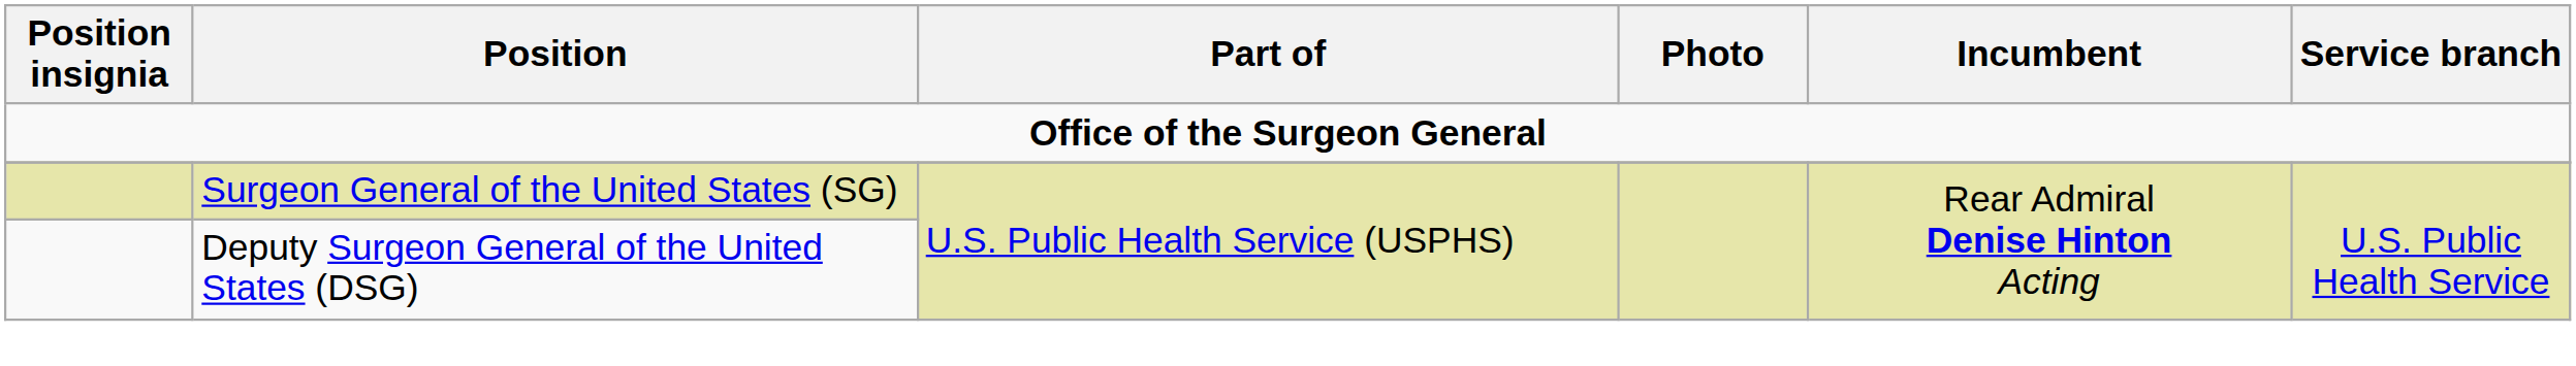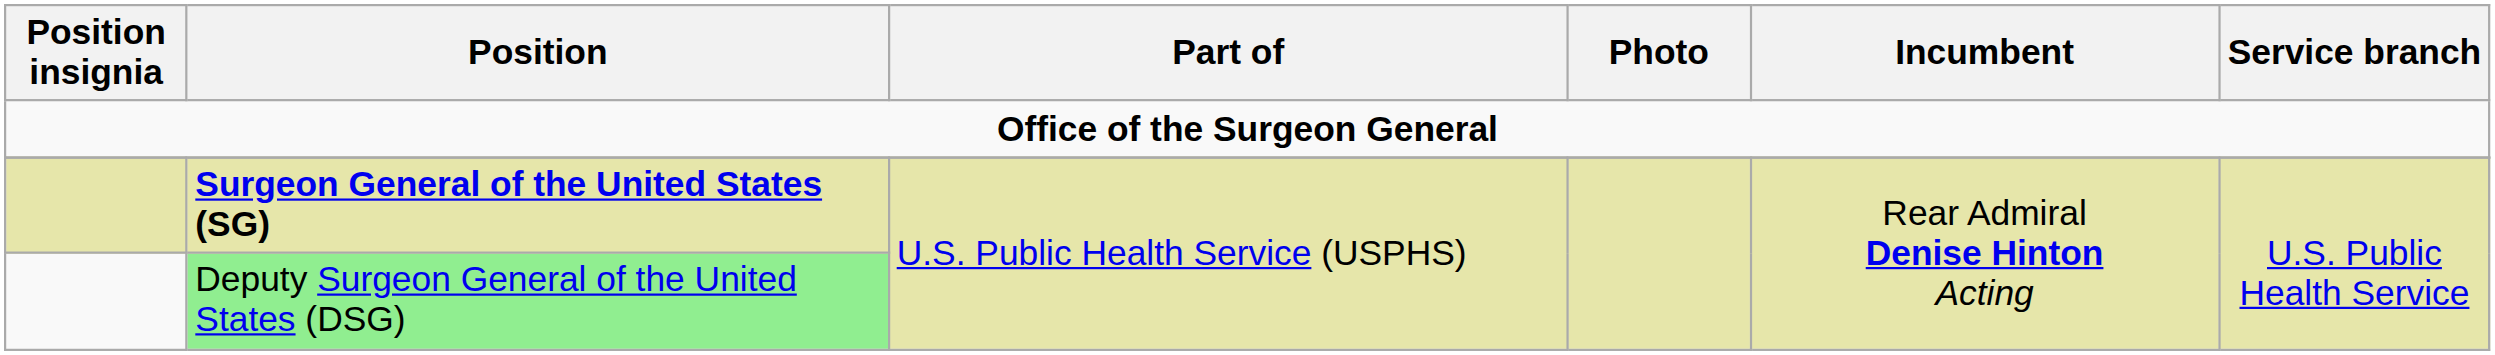 <table class="wikitable">
 <tr>
 <th width="75" style="text-align:center">Position insignia</th>
 <th width="310" style="text-align:center">Position</th>
 <th width="300" style="text-align:center">Part of</th>
 <th width="75" style="text-align:center">Photo</th>
 <th width="205" style="text-align:center">Incumbent</th>
 <th width="115" style="text-align:center">Service branch</th>
 </tr>
 <tr>
 <td colspan="6" style="text-align:center"><strong>Office of the Surgeon General</strong></td>
 </tr>
 <tr>
 </tr>
 <tr style=background:#e6e6aa;>
 <td></td>
-<td><a href='#'>Surgeon General of the United States</a> (SG)</td>
+<td><strong><a href='#'>Surgeon General of the United States</a> (SG)</strong></td>
 <td rowspan="2"> <a href='#'>U.S. Public Health Service</a> (USPHS)</td>
 <td rowspan="2"></td>
 <td rowspan="2" style="text-align:center">Rear Admiral<br><strong><a href='#'>Denise Hinton</a></strong><br><em>Acting</em></td>
 <td rowspan="2" style="text-align:center"><br><a href='#'>U.S. Public<br>Health Service</a></td>
 </tr>
 <tr>
 <td></td>
-<td>Deputy <a href='#'>Surgeon General of the United States</a> (DSG)</td>
+<td style="background: lightgreen;">Deputy <a href='#'>Surgeon General of the United States</a> (DSG)</td>
 </tr>
 </table>
